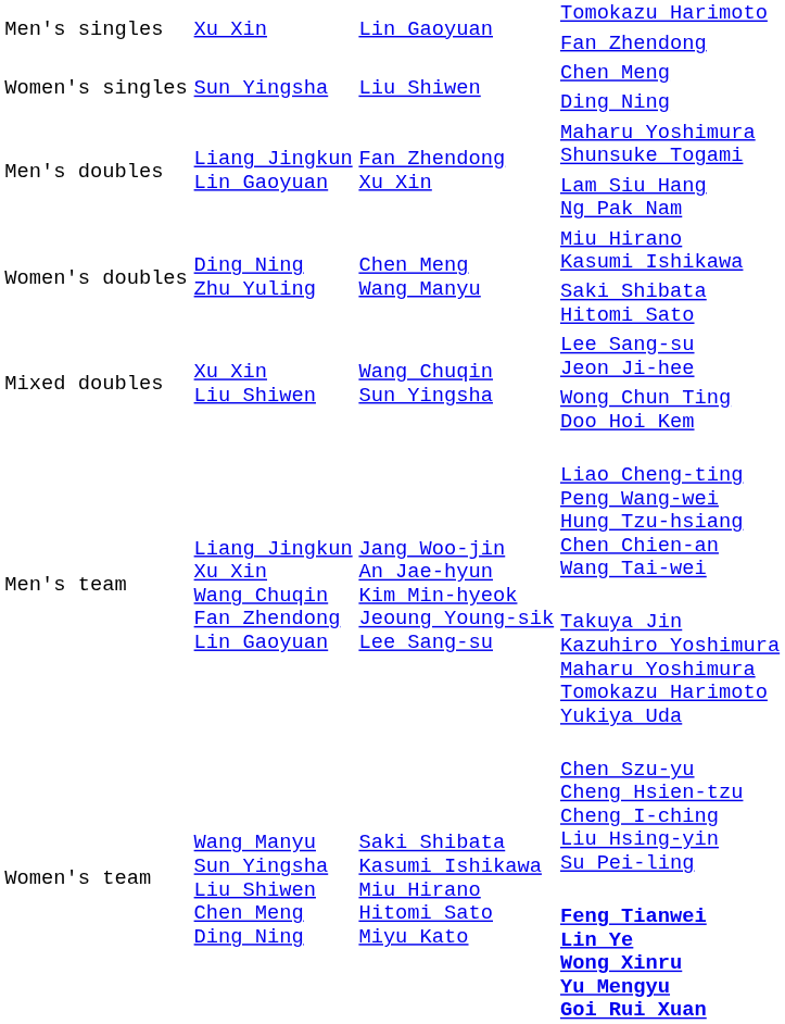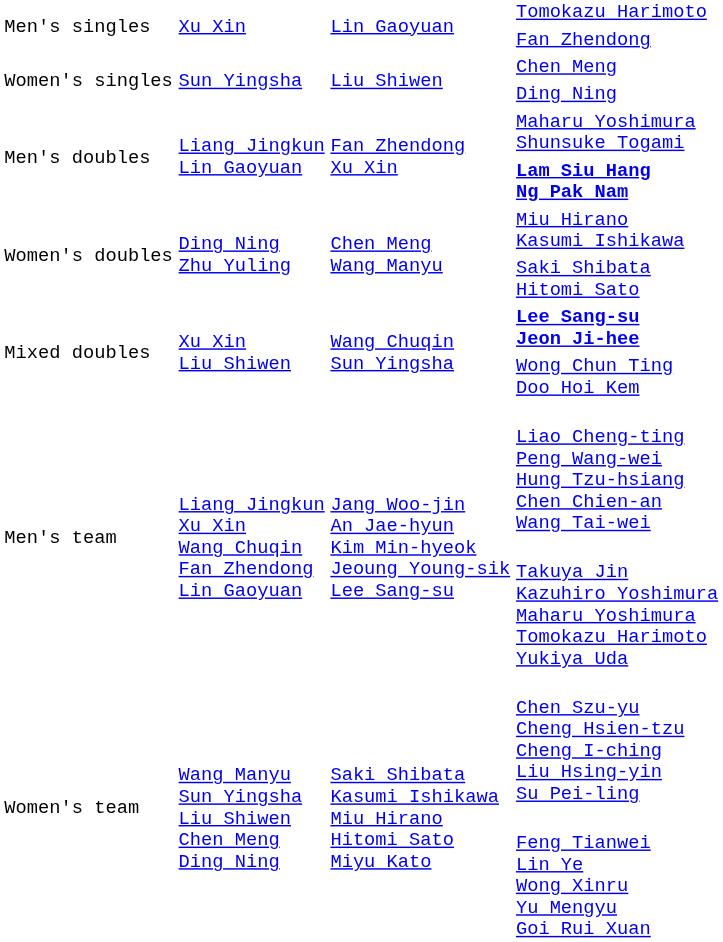 <table>
 <tr>
 <td rowspan=2>Men's singles <br></td>
 <td rowspan=2> <a href='#'>Xu Xin</a></td>
 <td rowspan=2> <a href='#'>Lin Gaoyuan</a></td>
 <td> <a href='#'>Tomokazu Harimoto</a></td>
 </tr>
 <tr>
 <td> <a href='#'>Fan Zhendong</a></td>
 </tr>
 <tr>
 <td rowspan=2>Women's singles <br></td>
 <td rowspan=2> <a href='#'>Sun Yingsha</a></td>
 <td rowspan=2> <a href='#'>Liu Shiwen</a></td>
 <td> <a href='#'>Chen Meng</a></td>
 </tr>
 <tr>
 <td> <a href='#'>Ding Ning</a></td>
 </tr>
 <tr>
 <td rowspan=2>Men's doubles <br></td>
 <td rowspan=2> <a href='#'>Liang Jingkun</a><br> <a href='#'>Lin Gaoyuan</a></td>
 <td rowspan=2> <a href='#'>Fan Zhendong</a><br> <a href='#'>Xu Xin</a></td>
 <td> <a href='#'>Maharu Yoshimura</a><br> <a href='#'>Shunsuke Togami</a></td>
 </tr>
 <tr>
-<td> <a href='#'>Lam Siu Hang</a><br> <a href='#'>Ng Pak Nam</a></td>
+<td><strong> <a href='#'>Lam Siu Hang</a><br> <a href='#'>Ng Pak Nam</a></strong></td>
 </tr>
 <tr>
 <td rowspan=2>Women's doubles <br></td>
 <td rowspan=2> <a href='#'>Ding Ning</a><br> <a href='#'>Zhu Yuling</a></td>
 <td rowspan=2> <a href='#'>Chen Meng</a><br> <a href='#'>Wang Manyu</a></td>
 <td> <a href='#'>Miu Hirano</a><br> <a href='#'>Kasumi Ishikawa</a></td>
 </tr>
 <tr>
 <td> <a href='#'>Saki Shibata</a><br> <a href='#'>Hitomi Sato</a></td>
 </tr>
 <tr>
 <td rowspan=2>Mixed doubles <br></td>
 <td rowspan=2> <a href='#'>Xu Xin</a><br> <a href='#'>Liu Shiwen</a></td>
 <td rowspan=2> <a href='#'>Wang Chuqin</a><br> <a href='#'>Sun Yingsha</a></td>
-<td> <a href='#'>Lee Sang-su</a><br> <a href='#'>Jeon Ji-hee</a></td>
+<td><strong> <a href='#'>Lee Sang-su</a><br> <a href='#'>Jeon Ji-hee</a></strong></td>
 </tr>
 <tr>
 <td> <a href='#'>Wong Chun Ting</a><br> <a href='#'>Doo Hoi Kem</a></td>
 </tr>
 <tr>
 <td rowspan=2>Men's team <br></td>
 <td rowspan=2><br><a href='#'>Liang Jingkun</a><br><a href='#'>Xu Xin</a><br><a href='#'>Wang Chuqin</a><br><a href='#'>Fan Zhendong</a><br><a href='#'>Lin Gaoyuan</a></td>
 <td rowspan=2><br><a href='#'>Jang Woo-jin</a><br><a href='#'>An Jae-hyun</a><br><a href='#'>Kim Min-hyeok</a><br><a href='#'>Jeoung Young-sik</a><br><a href='#'>Lee Sang-su</a></td>
 <td><br><a href='#'>Liao Cheng-ting</a><br><a href='#'>Peng Wang-wei</a><br><a href='#'>Hung Tzu-hsiang</a><br><a href='#'>Chen Chien-an</a><br><a href='#'>Wang Tai-wei</a></td>
 </tr>
 <tr>
 <td><br><a href='#'>Takuya Jin</a><br><a href='#'>Kazuhiro Yoshimura</a><br><a href='#'>Maharu Yoshimura</a><br><a href='#'>Tomokazu Harimoto</a><br><a href='#'>Yukiya Uda</a></td>
 </tr>
 <tr>
 <td rowspan=2>Women's team <br></td>
 <td rowspan=2><br><a href='#'>Wang Manyu</a><br><a href='#'>Sun Yingsha</a><br><a href='#'>Liu Shiwen</a><br><a href='#'>Chen Meng</a><br><a href='#'>Ding Ning</a></td>
 <td rowspan=2><br><a href='#'>Saki Shibata</a><br><a href='#'>Kasumi Ishikawa</a><br><a href='#'>Miu Hirano</a><br><a href='#'>Hitomi Sato</a><br><a href='#'>Miyu Kato</a></td>
 <td><br><a href='#'>Chen Szu-yu</a><br><a href='#'>Cheng Hsien-tzu</a><br><a href='#'>Cheng I-ching</a><br><a href='#'>Liu Hsing-yin</a><br><a href='#'>Su Pei-ling</a></td>
 </tr>
 <tr>
-<td><strong><br><a href='#'>Feng Tianwei</a><br><a href='#'>Lin Ye</a><br><a href='#'>Wong Xinru</a><br><a href='#'>Yu Mengyu</a><br><a href='#'>Goi Rui Xuan</a></strong></td>
+<td><br><a href='#'>Feng Tianwei</a><br><a href='#'>Lin Ye</a><br><a href='#'>Wong Xinru</a><br><a href='#'>Yu Mengyu</a><br><a href='#'>Goi Rui Xuan</a></td>
 </tr>
 </table>
